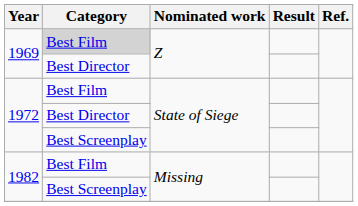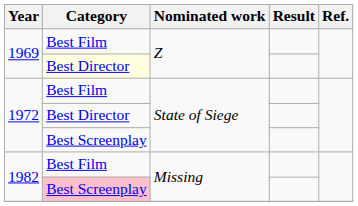 <table class="wikitable sortable">
 <tr>
 <th>Year</th>
 <th>Category</th>
 <th>Nominated work</th>
 <th>Result</th>
 <th>Ref.</th>
 </tr>
 <tr>
 <td rowspan="2"><a href='#'>1969</a></td>
-<td style="background: lightgrey;"><a href='#'>Best Film</a></td>
+<td><a href='#'>Best Film</a></td>
 <td rowspan="2"><em>Z</em></td>
 <td></td>
 <td rowspan="2"></td>
 </tr>
 <tr>
-<td><a href='#'>Best Director</a></td>
+<td style="background: lightyellow;"><a href='#'>Best Director</a></td>
 <td></td>
 </tr>
 <tr>
 <td rowspan="3"><a href='#'>1972</a></td>
 <td><a href='#'>Best Film</a></td>
 <td rowspan="3"><em>State of Siege</em></td>
 <td></td>
 <td rowspan="3"></td>
 </tr>
 <tr>
 <td><a href='#'>Best Director</a></td>
 <td></td>
 </tr>
 <tr>
 <td><a href='#'>Best Screenplay</a></td>
 <td></td>
 </tr>
 <tr>
 <td rowspan="2"><a href='#'>1982</a></td>
 <td><a href='#'>Best Film</a></td>
 <td rowspan="2"><em>Missing</em></td>
 <td></td>
 <td rowspan="2"></td>
 </tr>
 <tr>
-<td><a href='#'>Best Screenplay</a></td>
+<td style="background: pink;"><a href='#'>Best Screenplay</a></td>
 <td></td>
 </tr>
 <tr>
 </tr>
 </table>
